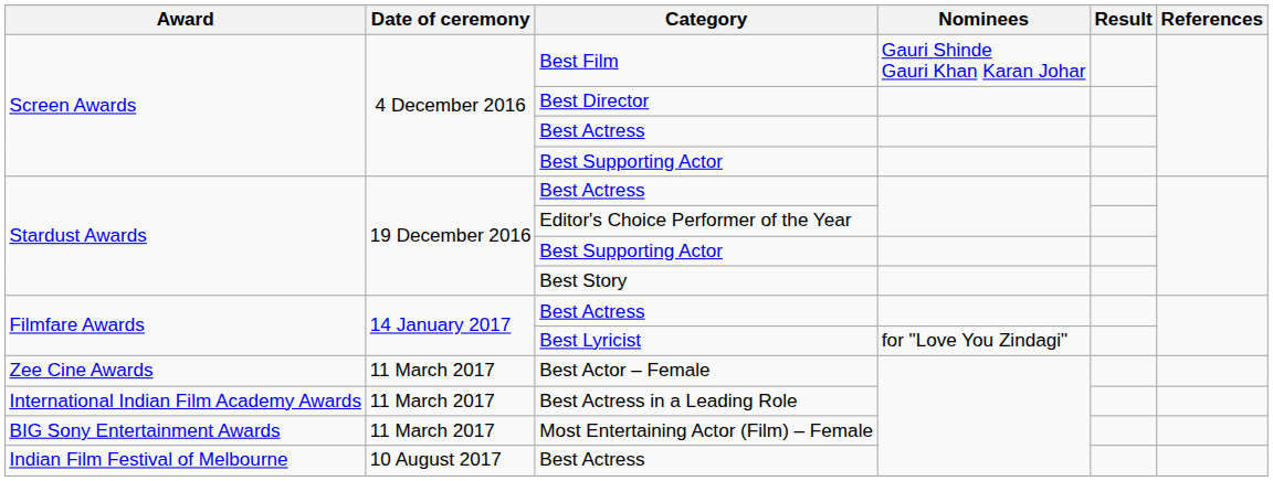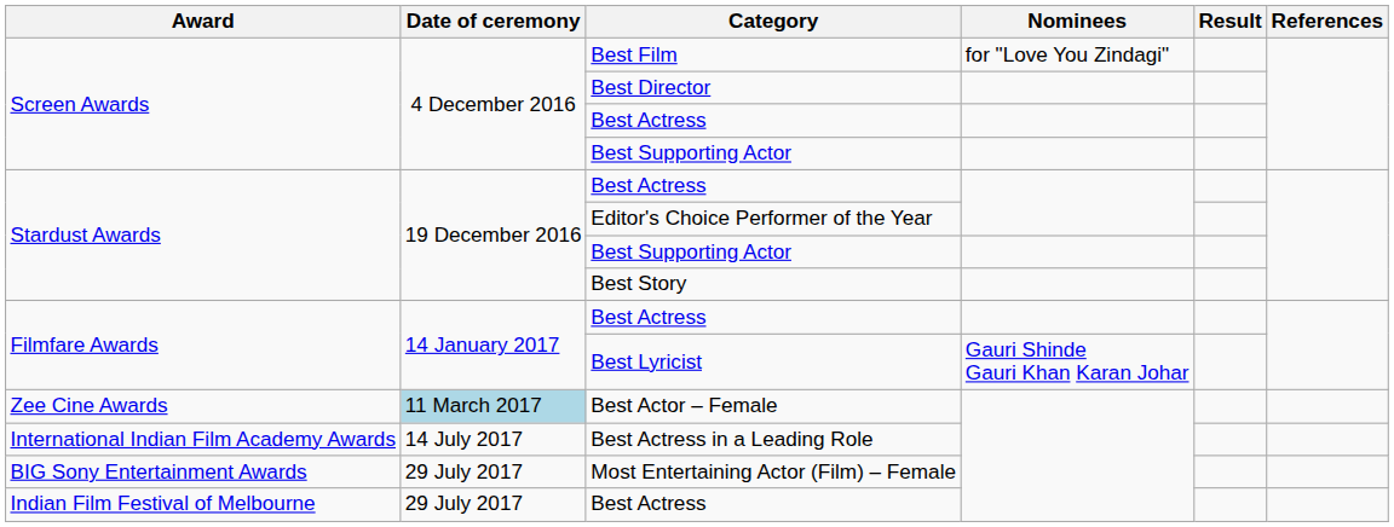 <table class="wikitable plainrowheaders sortable">
 <tr>
 <th scope="col">Award</th>
 <th scope="col">Date of ceremony</th>
 <th scope="col">Category</th>
 <th scope="col">Nominees</th>
 <th scope="col">Result</th>
 <th scope="col" class="unsortable">References</th>
 </tr>
 <tr>
 <td rowspan="4" scope="row"><a href='#'>Screen Awards</a></td>
 <td rowspan="4" style="text-align:center;">4 December 2016</td>
 <td><a href='#'>Best Film</a></td>
-<td><a href='#'>Gauri Shinde</a><br><a href='#'>Gauri Khan</a> <a href='#'>Karan Johar</a></td>
+<td> for "Love You Zindagi"</td>
 <td></td>
 <td rowspan="4" style="text-align:center;"></td>
 </tr>
 <tr>
 <td><a href='#'>Best Director</a></td>
 <td></td>
 <td></td>
 </tr>
 <tr>
 <td><a href='#'>Best Actress</a></td>
 <td></td>
 <td></td>
 </tr>
 <tr>
 <td><a href='#'>Best Supporting Actor</a></td>
 <td></td>
 <td></td>
 </tr>
 <tr>
 <td rowspan="4" scope="row"><a href='#'>Stardust Awards</a></td>
 <td rowspan="4" style="text-align:center;">19 December 2016</td>
 <td><a href='#'>Best Actress</a></td>
 <td rowspan="2"></td>
 <td></td>
 <td rowspan="4" style="text-align:center;"><br></td>
 </tr>
 <tr>
 <td>Editor's Choice Performer of the Year</td>
 <td></td>
 </tr>
 <tr>
 <td><a href='#'>Best Supporting Actor</a></td>
 <td></td>
 <td></td>
 </tr>
 <tr>
 <td>Best Story</td>
 <td></td>
 <td></td>
 </tr>
 <tr>
 <td rowspan="2"><a href='#'>Filmfare Awards</a></td>
 <td rowspan="2"><a href='#'>14 January 2017</a></td>
 <td><a href='#'>Best Actress</a></td>
 <td></td>
 <td></td>
 <td rowspan="2"></td>
 </tr>
 <tr>
 <td><a href='#'>Best Lyricist</a></td>
-<td> for "Love You Zindagi"</td>
+<td><a href='#'>Gauri Shinde</a><br><a href='#'>Gauri Khan</a> <a href='#'>Karan Johar</a></td>
 <td></td>
 </tr>
 <tr>
 <td><a href='#'>Zee Cine Awards</a></td>
-<td>11 March 2017</td>
+<td style="background: lightblue;">11 March 2017</td>
 <td>Best Actor – Female</td>
 <td rowspan="4"></td>
 <td></td>
 <td></td>
 </tr>
 <tr>
 <td><a href='#'>International Indian Film Academy Awards</a></td>
-<td>11 March 2017</td>
+<td>14 July 2017</td>
 <td>Best Actress in a Leading Role</td>
 <td></td>
 <td></td>
 </tr>
 <tr>
 <td><a href='#'>BIG Sony Entertainment Awards</a></td>
-<td>11 March 2017</td>
+<td>29 July 2017</td>
 <td>Most Entertaining Actor (Film) – Female</td>
 <td></td>
 <td></td>
 </tr>
 <tr>
 <td><a href='#'>Indian Film Festival of Melbourne</a></td>
-<td>10 August 2017</td>
+<td>29 July 2017</td>
 <td>Best Actress</td>
 <td></td>
 <td></td>
 </tr>
 </table>
